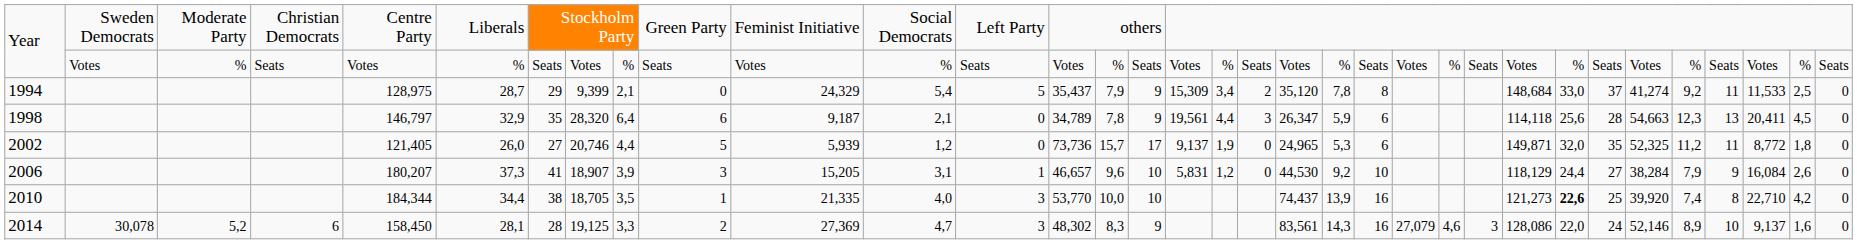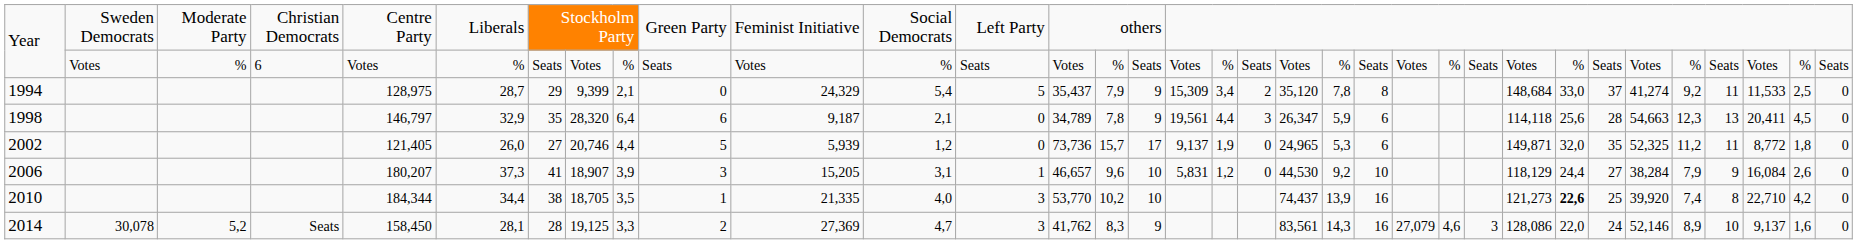 <table class="wikitable" border="1" style="margin:auto;">
 <tr style="text-align: right;">
 <td style="text-align: left; width: 50px;" rowspan="2">Year</td>
 <td style="width: 80px; background: ">Sweden Democrats</td>
 <td style="width: 80px; background: ">Moderate Party</td>
 <td style="width: 80px; background: ">Christian Democrats</td>
 <td style="width: 80px; background: ">Centre Party</td>
 <td style="width: 80px; background: ">Liberals</td>
 <td style="width: 80px; background: #ff8200; color:white;" colspan="3">Stockholm Party</td>
 <td style="width: 80px; background: ">Green Party</td>
 <td>Feminist Initiative</td>
 <td style="width: 80px; background: ">Social Democrats</td>
 <td style="width: 80px; background: ">Left Party</td>
 <td style="width: 80px;" colspan="3">others</td>
 </tr>
 <tr>
 <td><small>Votes</small></td>
 <td ALIGN="right"><small>%</small></td>
-<td><small>Seats</small></td>
+<td><small>6</small></td>
 <td><small>Votes</small></td>
 <td ALIGN="right"><small>%</small></td>
 <td><small>Seats</small></td>
 <td><small>Votes</small></td>
 <td ALIGN="right"><small>%</small></td>
 <td><small>Seats</small></td>
 <td><small>Votes</small></td>
 <td ALIGN="right"><small>%</small></td>
 <td><small>Seats</small></td>
 <td><small>Votes</small></td>
 <td ALIGN="right"><small>%</small></td>
 <td><small>Seats</small></td>
 <td><small>Votes</small></td>
 <td ALIGN="right"><small>%</small></td>
 <td><small>Seats</small></td>
 <td><small>Votes</small></td>
 <td ALIGN="right"><small>%</small></td>
 <td><small>Seats</small></td>
 <td><small>Votes</small></td>
 <td ALIGN="right"><small>%</small></td>
 <td><small>Seats</small></td>
 <td><small>Votes</small></td>
 <td ALIGN="right"><small>%</small></td>
 <td><small>Seats</small></td>
 <td><small>Votes</small></td>
 <td ALIGN="right"><small>%</small></td>
 <td><small>Seats</small></td>
 <td><small>Votes</small></td>
 <td ALIGN="right"><small>%</small></td>
 <td><small>Seats</small></td>
 </tr>
 <tr style="text-align: right;">
 <td style="text-align: left;">1994</td>
 <td><small> </small></td>
 <td><small> </small></td>
 <td><small> </small></td>
 <td><small>128,975</small></td>
 <td><small>28,7</small></td>
 <td><small>29</small></td>
 <td><small>9,399</small></td>
 <td><small>2,1</small></td>
 <td><small>0</small></td>
 <td><small>24,329</small></td>
 <td><small>5,4</small></td>
 <td><small>5</small></td>
 <td><small>35,437</small></td>
 <td><small>7,9</small></td>
 <td><small>9</small></td>
 <td><small>15,309</small></td>
 <td><small>3,4</small></td>
 <td><small>2</small></td>
 <td><small>35,120</small></td>
 <td><small>7,8</small></td>
 <td><small>8</small></td>
 <td><small> </small></td>
 <td><small> </small></td>
 <td><small> </small></td>
 <td><small>148,684</small></td>
 <td><small>33,0</small></td>
 <td><small>37</small></td>
 <td><small>41,274</small></td>
 <td><small>9,2</small></td>
 <td><small>11</small></td>
 <td><small>11,533</small></td>
 <td><small>2,5</small></td>
 <td><small>0</small></td>
 </tr>
 <tr style="text-align: right;">
 <td style="text-align: left;">1998</td>
 <td><small> </small></td>
 <td><small> </small></td>
 <td><small> </small></td>
 <td><small>146,797</small></td>
 <td><small>32,9</small></td>
 <td><small>35</small></td>
 <td><small>28,320</small></td>
 <td><small>6,4</small></td>
 <td><small>6</small></td>
 <td><small>9,187</small></td>
 <td><small>2,1</small></td>
 <td><small>0</small></td>
 <td><small>34,789</small></td>
 <td><small>7,8</small></td>
 <td><small>9</small></td>
 <td><small>19,561</small></td>
 <td><small>4,4</small></td>
 <td><small>3</small></td>
 <td><small>26,347</small></td>
 <td><small>5,9</small></td>
 <td><small>6</small></td>
 <td><small> </small></td>
 <td><small> </small></td>
 <td><small> </small></td>
 <td><small>114,118</small></td>
 <td><small>25,6</small></td>
 <td><small>28</small></td>
 <td><small>54,663</small></td>
 <td><small>12,3</small></td>
 <td><small>13</small></td>
 <td><small>20,411</small></td>
 <td><small>4,5</small></td>
 <td><small>0</small></td>
 </tr>
 <tr style="text-align: right;">
 <td style="text-align: left;">2002</td>
 <td><small> </small></td>
 <td><small> </small></td>
 <td><small> </small></td>
 <td><small>121,405</small></td>
 <td><small>26,0</small></td>
 <td><small>27</small></td>
 <td><small>20,746</small></td>
 <td><small>4,4</small></td>
 <td><small>5</small></td>
 <td><small>5,939</small></td>
 <td><small>1,2</small></td>
 <td><small>0</small></td>
 <td><small>73,736</small></td>
 <td><small>15,7</small></td>
 <td><small>17</small></td>
 <td><small>9,137</small></td>
 <td><small>1,9</small></td>
 <td><small>0</small></td>
 <td><small>24,965</small></td>
 <td><small>5,3</small></td>
 <td><small>6</small></td>
 <td><small> </small></td>
 <td><small> </small></td>
 <td><small> </small></td>
 <td><small>149,871</small></td>
 <td><small>32,0</small></td>
 <td><small>35</small></td>
 <td><small>52,325</small></td>
 <td><small>11,2</small></td>
 <td><small>11</small></td>
 <td><small>8,772</small></td>
 <td><small>1,8</small></td>
 <td><small>0</small></td>
 </tr>
 <tr style="text-align: right;">
 <td style="text-align: left;">2006</td>
 <td><small> </small></td>
 <td><small> </small></td>
 <td><small> </small></td>
 <td><small>180,207</small></td>
 <td><small>37,3</small></td>
 <td><small>41</small></td>
 <td><small>18,907</small></td>
 <td><small>3,9</small></td>
 <td><small>3</small></td>
 <td><small>15,205</small></td>
 <td><small>3,1</small></td>
 <td><small>1</small></td>
 <td><small>46,657</small></td>
 <td><small>9,6</small></td>
 <td><small>10</small></td>
 <td><small>5,831</small></td>
 <td><small>1,2</small></td>
 <td><small>0</small></td>
 <td><small>44,530</small></td>
 <td><small>9,2</small></td>
 <td><small>10</small></td>
 <td><small> </small></td>
 <td><small> </small></td>
 <td><small> </small></td>
 <td><small>118,129</small></td>
 <td><small>24,4</small></td>
 <td><small>27</small></td>
 <td><small>38,284</small></td>
 <td><small>7,9</small></td>
 <td><small>9</small></td>
 <td><small>16,084</small></td>
 <td><small>2,6</small></td>
 <td><small>0</small></td>
 </tr>
 <tr style="text-align: right;">
 <td style="text-align: left;">2010</td>
 <td><small> </small></td>
 <td><small> </small></td>
 <td><small> </small></td>
 <td><small>184,344</small></td>
 <td><small>34,4</small></td>
 <td><small>38</small></td>
 <td><small>18,705</small></td>
 <td><small>3,5</small></td>
 <td><small>1</small></td>
 <td><small>21,335</small></td>
 <td><small>4,0</small></td>
 <td><small>3</small></td>
 <td><small>53,770</small></td>
-<td><small>10,0</small></td>
+<td><small>10,2</small></td>
 <td><small>10</small></td>
 <td><small> </small></td>
 <td><small> </small></td>
 <td><small> </small></td>
 <td><small>74,437</small></td>
 <td><small>13,9</small></td>
 <td><small>16</small></td>
 <td><small> </small></td>
 <td><small> </small></td>
 <td><small> </small></td>
 <td><small>121,273</small></td>
 <td><strong><small>22,6</small></strong></td>
 <td><small>25</small></td>
 <td><small>39,920</small></td>
 <td><small>7,4</small></td>
 <td><small>8</small></td>
 <td><small>22,710</small></td>
 <td><small>4,2</small></td>
 <td><small>0</small></td>
 </tr>
 <tr style="text-align: right;">
 <td style="text-align: left;">2014</td>
 <td><small>30,078</small></td>
 <td><small>5,2</small></td>
-<td><small>6</small></td>
+<td><small>Seats</small></td>
 <td><small>158,450</small></td>
 <td><small>28,1</small></td>
 <td><small>28</small></td>
 <td><small>19,125</small></td>
 <td><small>3,3</small></td>
 <td><small>2</small></td>
 <td><small>27,369</small></td>
 <td><small>4,7</small></td>
 <td><small>3</small></td>
-<td><small>48,302</small></td>
+<td><small>41,762</small></td>
 <td><small>8,3</small></td>
 <td><small>9</small></td>
 <td><small> </small></td>
 <td><small> </small></td>
 <td><small> </small></td>
 <td><small>83,561</small></td>
 <td><small>14,3</small></td>
 <td><small>16</small></td>
 <td><small>27,079</small></td>
 <td><small>4,6</small></td>
 <td><small>3</small></td>
 <td><small>128,086</small></td>
 <td><small>22,0</small></td>
 <td><small>24</small></td>
 <td><small>52,146</small></td>
 <td><small>8,9</small></td>
 <td><small>10</small></td>
 <td><small>9,137</small></td>
 <td><small>1,6</small></td>
 <td><small>0</small></td>
 </tr>
 </table>
